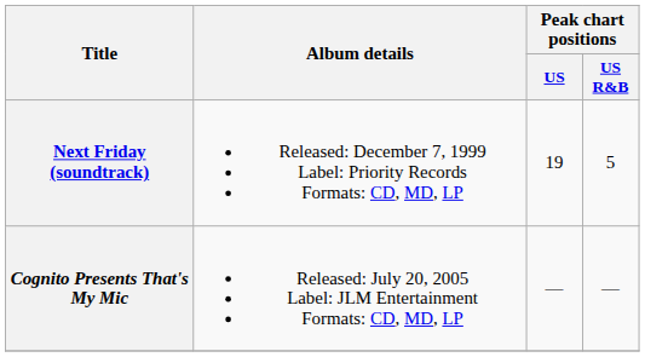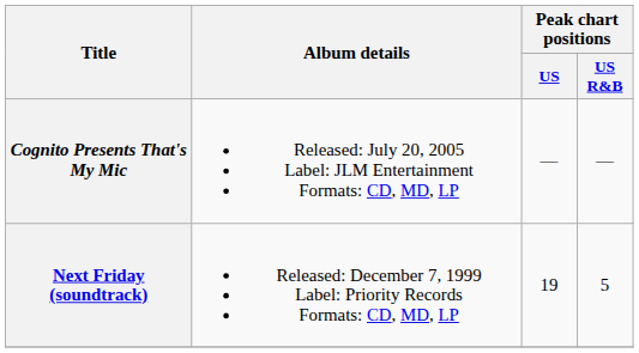 <table class="wikitable plainrowheaders" style="text-align:center;">
 <tr>
 <th scope="col" rowspan="2" style="width:10em;">Title</th>
 <th scope="col" rowspan="2" style="width:18em;">Album details</th>
 <th scope="col" colspan="2">Peak chart positions</th>
 </tr>
 <tr>
 <th style="width:3em;font-size:90%;"><a href='#'>US</a><br></th>
 <th style="width:3em;font-size:90%;"><a href='#'>US R&B</a><br></th>
 </tr>
 <tr>
+<th scope="row"><em>Cognito Presents That's My Mic</em></th>
+<td><br><ul><li>Released: July 20, 2005</li><li>Label: JLM Entertainment</li><li>Formats: <a href='#'>CD</a>, <a href='#'>MD</a>, <a href='#'>LP</a></li></ul></td>
+<td>—</td>
+<td>—</td>
+</tr>
+<tr>
 <th scope="row"><a href='#'>Next Friday (soundtrack)</a></th>
 <td><br><ul><li>Released: December 7, 1999</li><li>Label: Priority Records</li><li>Formats: <a href='#'>CD</a>, <a href='#'>MD</a>, <a href='#'>LP</a></li></ul></td>
 <td>19</td>
 <td>5</td>
 </tr>
 <tr>
-<th scope="row"><em>Cognito Presents That's My Mic</em></th>
-<td><br><ul><li>Released: July 20, 2005</li><li>Label: JLM Entertainment</li><li>Formats: <a href='#'>CD</a>, <a href='#'>MD</a>, <a href='#'>LP</a></li></ul></td>
-<td>—</td>
-<td>—</td>
-</tr>
-<tr>
 </tr>
 </table>
